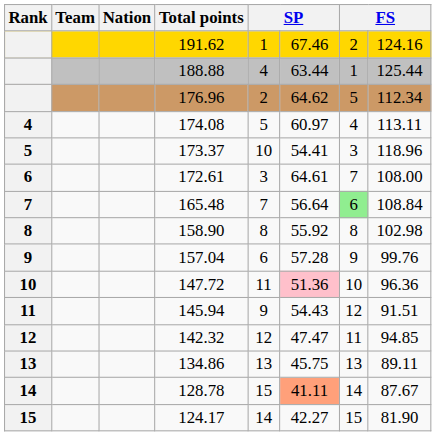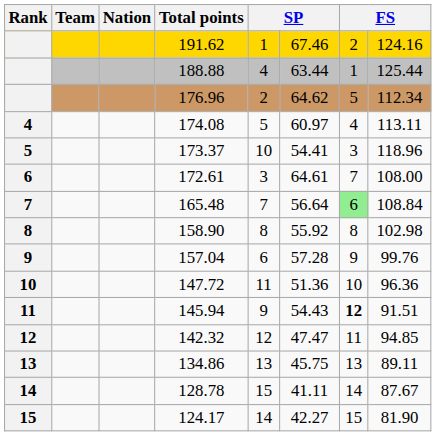 <table class="wikitable sortable" style="text-align:center">
 <tr>
 <th scope="col">Rank</th>
 <th scope="col">Team</th>
 <th scope="col">Nation</th>
 <th scope="col">Total points</th>
 <th scope="col" colspan="2" width="80px"><a href='#'>SP</a></th>
 <th scope="col" colspan="2" width="80px"><a href='#'>FS</a></th>
 </tr>
 <tr bgcolor="gold">
 <th scope="row"></th>
 <td style="text-align:left"></td>
 <td style="text-align:left"></td>
 <td>191.62</td>
 <td>1</td>
 <td>67.46</td>
 <td>2</td>
 <td>124.16</td>
 </tr>
 <tr bgcolor="silver">
 <th scope="row"></th>
 <td style="text-align:left"></td>
 <td style="text-align:left"></td>
 <td>188.88</td>
 <td>4</td>
 <td>63.44</td>
 <td>1</td>
 <td>125.44</td>
 </tr>
 <tr bgcolor="cc9966">
 <th scope="row"></th>
 <td style="text-align:left"></td>
 <td style="text-align:left"></td>
 <td>176.96</td>
 <td>2</td>
 <td>64.62</td>
 <td>5</td>
 <td>112.34</td>
 </tr>
 <tr>
 <th scope="row">4</th>
 <td style="text-align:left"></td>
 <td style="text-align:left"></td>
 <td>174.08</td>
 <td>5</td>
 <td>60.97</td>
 <td>4</td>
 <td>113.11</td>
 </tr>
 <tr>
 <th scope="row">5</th>
 <td style="text-align:left"></td>
 <td style="text-align:left"></td>
 <td>173.37</td>
 <td>10</td>
 <td>54.41</td>
 <td>3</td>
 <td>118.96</td>
 </tr>
 <tr>
 <th scope="row">6</th>
 <td style="text-align:left"></td>
 <td style="text-align:left"></td>
 <td>172.61</td>
 <td>3</td>
 <td>64.61</td>
 <td>7</td>
 <td>108.00</td>
 </tr>
 <tr>
 <th scope="row">7</th>
 <td style="text-align:left"></td>
 <td style="text-align:left"></td>
 <td>165.48</td>
 <td>7</td>
 <td>56.64</td>
 <td style="background: lightgreen;">6</td>
 <td>108.84</td>
 </tr>
 <tr>
 <th scope="row">8</th>
 <td style="text-align:left"></td>
 <td style="text-align:left"></td>
 <td>158.90</td>
 <td>8</td>
 <td>55.92</td>
 <td>8</td>
 <td>102.98</td>
 </tr>
 <tr>
 <th scope="row">9</th>
 <td style="text-align:left"></td>
 <td style="text-align:left"></td>
 <td>157.04</td>
 <td>6</td>
 <td>57.28</td>
 <td>9</td>
 <td>99.76</td>
 </tr>
 <tr>
 <th scope="row">10</th>
 <td style="text-align:left"></td>
 <td style="text-align:left"></td>
 <td>147.72</td>
 <td>11</td>
-<td style="background: pink;">51.36</td>
+<td>51.36</td>
 <td>10</td>
 <td>96.36</td>
 </tr>
 <tr>
 <th scope="row">11</th>
 <td style="text-align:left"></td>
 <td style="text-align:left"></td>
 <td>145.94</td>
 <td>9</td>
 <td>54.43</td>
-<td>12</td>
+<td><strong>12</strong></td>
 <td>91.51</td>
 </tr>
 <tr>
 <th scope="row">12</th>
 <td style="text-align:left"></td>
 <td style="text-align:left"></td>
 <td>142.32</td>
 <td>12</td>
 <td>47.47</td>
 <td>11</td>
 <td>94.85</td>
 </tr>
 <tr>
 <th scope="row">13</th>
 <td style="text-align:left"></td>
 <td style="text-align:left"></td>
 <td>134.86</td>
 <td>13</td>
 <td>45.75</td>
 <td>13</td>
 <td>89.11</td>
 </tr>
 <tr>
 <th scope="row">14</th>
 <td style="text-align:left"></td>
 <td style="text-align:left"></td>
 <td>128.78</td>
 <td>15</td>
-<td style="background: lightsalmon;">41.11</td>
+<td>41.11</td>
 <td>14</td>
 <td>87.67</td>
 </tr>
 <tr>
 <th scope="row">15</th>
 <td style="text-align:left"></td>
 <td style="text-align:left"></td>
 <td>124.17</td>
 <td>14</td>
 <td>42.27</td>
 <td>15</td>
 <td>81.90</td>
 </tr>
 </table>
